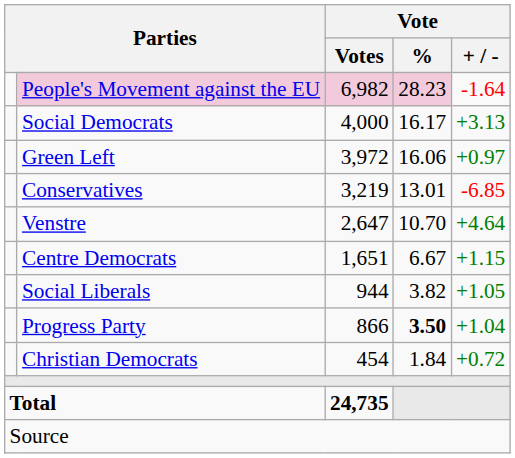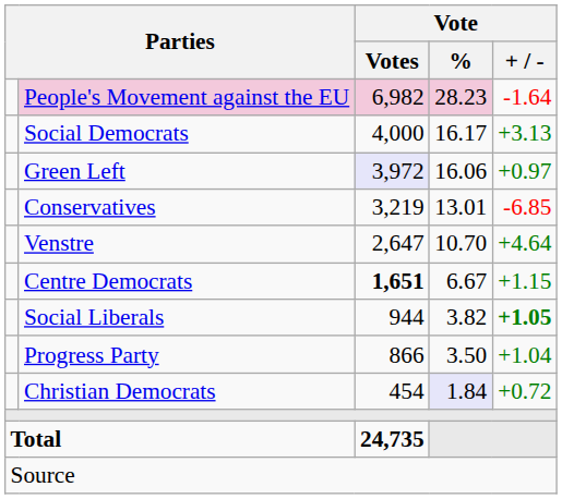 <table class="wikitable" style="text-align:right;">
 <tr>
 <th style="text-align:centre;" rowspan="2" colspan="2" width="225">Parties</th>
 <th colspan="3">Vote</th>
 </tr>
 <tr>
 <th width="15">Votes</th>
 <th width="15">%</th>
 <th width="15">+ / -</th>
 </tr>
 <tr>
 <td width="2" style="color:inherit;background:"></td>
 <td bgcolor=#f3c9dc   align="left"><a href='#'>People's Movement against the EU</a></td>
 <td bgcolor=#f3c9dc>6,982</td>
 <td bgcolor=#f3c9dc>28.23</td>
 <td style=color:red;>-1.64</td>
 </tr>
 <tr>
 <td width="2" style="color:inherit;background:"></td>
 <td align="left"><a href='#'>Social Democrats</a></td>
 <td>4,000</td>
 <td>16.17</td>
 <td style=color:green;>+3.13</td>
 </tr>
 <tr>
 <td width="2" style="color:inherit;background:"></td>
 <td align="left"><a href='#'>Green Left</a></td>
-<td>3,972</td>
+<td style="background: lavender;">3,972</td>
 <td>16.06</td>
 <td style=color:green;>+0.97</td>
 </tr>
 <tr>
 <td width="2" style="color:inherit;background:"></td>
 <td align="left"><a href='#'>Conservatives</a></td>
 <td>3,219</td>
 <td>13.01</td>
 <td style=color:red;>-6.85</td>
 </tr>
 <tr>
 <td width="2" style="color:inherit;background:"></td>
 <td align="left"><a href='#'>Venstre</a></td>
 <td>2,647</td>
 <td>10.70</td>
 <td style=color:green;>+4.64</td>
 </tr>
 <tr>
 <td width="2" style="color:inherit;background:"></td>
 <td align="left"><a href='#'>Centre Democrats</a></td>
-<td>1,651</td>
+<td><strong>1,651</strong></td>
 <td>6.67</td>
 <td style=color:green;>+1.15</td>
 </tr>
 <tr>
 <td width="2" style="color:inherit;background:"></td>
 <td align="left"><a href='#'>Social Liberals</a></td>
 <td>944</td>
 <td>3.82</td>
-<td style=color:green;>+1.05</td>
+<td style=color:green;><strong>+1.05</strong></td>
 </tr>
 <tr>
 <td width="2" style="color:inherit;background:"></td>
 <td align="left"><a href='#'>Progress Party</a></td>
 <td>866</td>
-<td><strong>3.50</strong></td>
+<td>3.50</td>
 <td style=color:green;>+1.04</td>
 </tr>
 <tr>
 <td width="2" style="color:inherit;background:"></td>
 <td align="left"><a href='#'>Christian Democrats</a></td>
 <td>454</td>
-<td>1.84</td>
+<td style="background: lavender;">1.84</td>
 <td style=color:green;>+0.72</td>
 </tr>
 <tr>
 <td colspan="7" bgcolor="#E9E9E9"></td>
 </tr>
 <tr>
 <td align="left" colspan="2"><strong>Total</strong></td>
 <td><strong>24,735</strong></td>
 <td bgcolor="#E9E9E9" colspan="2"></td>
 </tr>
 <tr>
 <td align="left" colspan="6">Source</td>
 </tr>
 </table>
